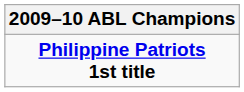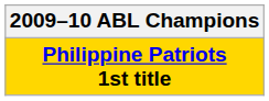 <table class="wikitable" style="text-align: center; margin: 0 auto;">
 <tr>
 <th>2009–10 ABL Champions</th>
 </tr>
 <tr>
-<td><strong><a href='#'>Philippine Patriots</a></strong><br><strong>1st title</strong></td>
+<td style="background: gold;"><strong><a href='#'>Philippine Patriots</a></strong><br><strong>1st title</strong></td>
 </tr>
 </table>
